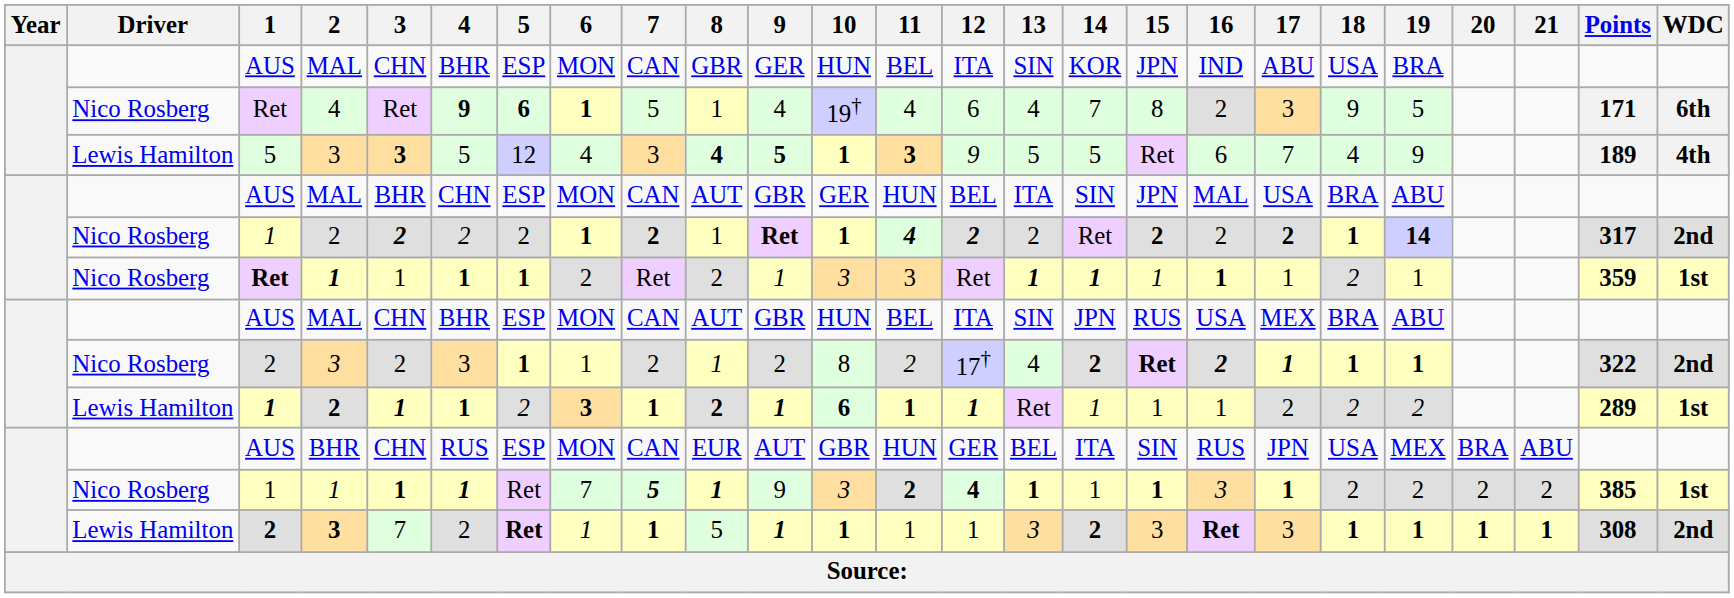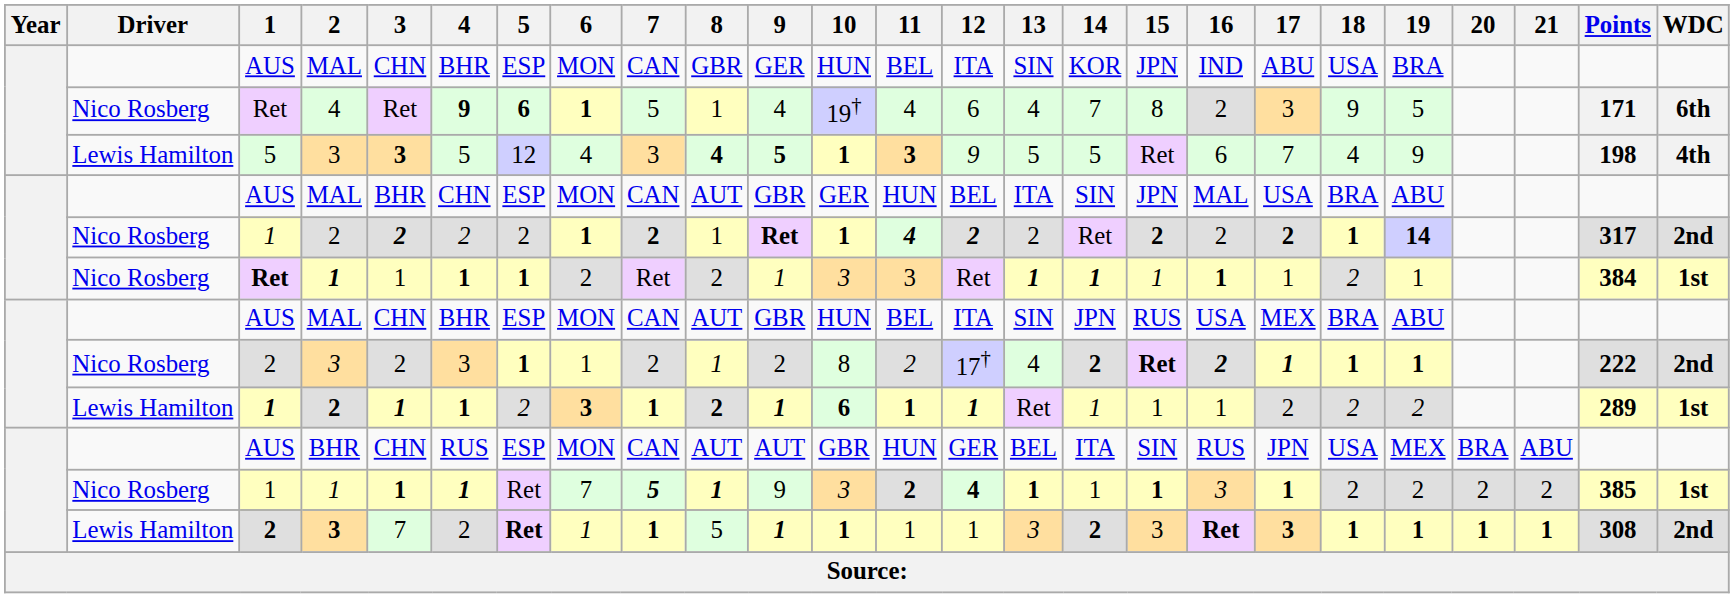 <table class="wikitable" style="text-align:center; font-size:85%">
 <tr>
 <th>Year</th>
 <th>Driver</th>
 <th>1</th>
 <th>2</th>
 <th>3</th>
 <th>4</th>
 <th>5</th>
 <th>6</th>
 <th>7</th>
 <th>8</th>
 <th>9</th>
 <th>10</th>
 <th>11</th>
 <th>12</th>
 <th>13</th>
 <th>14</th>
 <th>15</th>
 <th>16</th>
 <th>17</th>
 <th>18</th>
 <th>19</th>
 <th>20</th>
 <th>21</th>
 <th><a href='#'>Points</a></th>
 <th>WDC</th>
 </tr>
 <tr>
 <th rowspan="3"></th>
 <td></td>
 <td><a href='#'>AUS</a></td>
 <td><a href='#'>MAL</a></td>
 <td><a href='#'>CHN</a></td>
 <td><a href='#'>BHR</a></td>
 <td><a href='#'>ESP</a></td>
 <td><a href='#'>MON</a></td>
 <td><a href='#'>CAN</a></td>
 <td><a href='#'>GBR</a></td>
 <td><a href='#'>GER</a></td>
 <td><a href='#'>HUN</a></td>
 <td><a href='#'>BEL</a></td>
 <td><a href='#'>ITA</a></td>
 <td><a href='#'>SIN</a></td>
 <td><a href='#'>KOR</a></td>
 <td><a href='#'>JPN</a></td>
 <td><a href='#'>IND</a></td>
 <td><a href='#'>ABU</a></td>
 <td><a href='#'>USA</a></td>
 <td><a href='#'>BRA</a></td>
 <td></td>
 <td></td>
 <td></td>
 <td></td>
 </tr>
 <tr>
 <td align="left"> <a href='#'>Nico Rosberg</a></td>
 <td style="background-color:#EFCFFF">Ret</td>
 <td style="background-color:#DFFFDF">4</td>
 <td style="background-color:#EFCFFF">Ret</td>
 <td style="background-color:#DFFFDF"><strong>9</strong></td>
 <td style="background-color:#DFFFDF"><strong>6</strong></td>
 <td style="background-color:#FFFFBF"><strong>1</strong></td>
 <td style="background-color:#DFFFDF">5</td>
 <td style="background-color:#FFFFBF">1</td>
 <td style="background-color:#DFFFDF">4</td>
 <td style="background-color:#CFCFFF">19<sup>†</sup></td>
 <td style="background-color:#DFFFDF">4</td>
 <td style="background-color:#DFFFDF">6</td>
 <td style="background-color:#DFFFDF">4</td>
 <td style="background-color:#DFFFDF">7</td>
 <td style="background-color:#DFFFDF">8</td>
 <td style="background-color:#DFDFDF">2</td>
 <td style="background-color:#FFDF9F">3</td>
 <td style="background-color:#DFFFDF">9</td>
 <td style="background-color:#DFFFDF">5</td>
 <td></td>
 <td></td>
 <th>171</th>
 <th>6th</th>
 </tr>
 <tr>
 <td align="left"> <a href='#'>Lewis Hamilton</a></td>
 <td style="background-color:#DFFFDF">5</td>
 <td style="background-color:#FFDF9F">3</td>
 <td style="background-color:#FFDF9F"><strong>3</strong></td>
 <td style="background-color:#DFFFDF">5</td>
 <td style="background-color:#CFCFFF">12</td>
 <td style="background-color:#DFFFDF">4</td>
 <td style="background-color:#FFDF9F">3</td>
 <td style="background-color:#DFFFDF"><strong>4</strong></td>
 <td style="background-color:#DFFFDF"><strong>5</strong></td>
 <td style="background-color:#FFFFBF"><strong>1</strong></td>
 <td style="background-color:#FFDF9F"><strong>3</strong></td>
 <td style="background-color:#DFFFDF"><em>9</em></td>
 <td style="background-color:#DFFFDF">5</td>
 <td style="background-color:#DFFFDF">5</td>
 <td style="background-color:#EFCFFF">Ret</td>
 <td style="background-color:#DFFFDF">6</td>
 <td style="background-color:#DFFFDF">7</td>
 <td style="background-color:#DFFFDF">4</td>
 <td style="background-color:#DFFFDF">9</td>
 <td></td>
 <td></td>
-<th>189</th>
+<th>198</th>
 <th>4th</th>
 </tr>
 <tr>
 <th rowspan="3"></th>
 <td></td>
 <td><a href='#'>AUS</a></td>
 <td><a href='#'>MAL</a></td>
 <td><a href='#'>BHR</a></td>
 <td><a href='#'>CHN</a></td>
 <td><a href='#'>ESP</a></td>
 <td><a href='#'>MON</a></td>
 <td><a href='#'>CAN</a></td>
 <td><a href='#'>AUT</a></td>
 <td><a href='#'>GBR</a></td>
 <td><a href='#'>GER</a></td>
 <td><a href='#'>HUN</a></td>
 <td><a href='#'>BEL</a></td>
 <td><a href='#'>ITA</a></td>
 <td><a href='#'>SIN</a></td>
 <td><a href='#'>JPN</a></td>
 <td><a href='#'>MAL</a></td>
 <td><a href='#'>USA</a></td>
 <td><a href='#'>BRA</a></td>
 <td><a href='#'>ABU</a></td>
 <td></td>
 <td></td>
 <td></td>
 <td></td>
 </tr>
 <tr>
 <td align="left"> <a href='#'>Nico Rosberg</a></td>
 <td style="background-color:#ffffbf"><em>1</em></td>
 <td style="background-color:#DFDFDF">2</td>
 <td style="background-color:#DFDFDF"><strong><em>2</em></strong></td>
 <td style="background-color:#DFDFDF"><em>2</em></td>
 <td style="background-color:#DFDFDF">2</td>
 <td style="background-color:#ffffbf"><strong>1</strong></td>
 <td style="background-color:#DFDFDF"><strong>2</strong></td>
 <td style="background-color:#ffffbf">1</td>
 <td style="background-color:#EFCFFF"><strong>Ret</strong></td>
 <td style="background-color:#ffffbf"><strong>1</strong></td>
 <td style="background-color:#DFFFDF"><strong><em>4</em></strong></td>
 <td style="background-color:#DFDFDF"><strong><em>2</em></strong></td>
 <td style="background-color:#DFDFDF">2</td>
 <td style="background-color:#EFCFFF">Ret</td>
 <td style="background-color:#DFDFDF"><strong>2</strong></td>
 <td style="background-color:#DFDFDF">2</td>
 <td style="background-color:#DFDFDF"><strong>2</strong></td>
 <td style="background-color:#ffffbf"><strong>1</strong></td>
 <td style="background-color:#CFCFFF"><strong>14</strong></td>
 <td></td>
 <td></td>
 <th style="background-color:#DFDFDF">317</th>
 <th style="background-color:#DFDFDF">2nd</th>
 </tr>
 <tr>
 <td align="left"> <a href='#'>Nico Rosberg</a></td>
 <td style="background-color:#EFCFFF"><strong>Ret</strong></td>
 <td style="background-color:#ffffbf"><strong><em>1</em></strong></td>
 <td style="background-color:#ffffbf">1</td>
 <td style="background-color:#ffffbf"><strong>1</strong></td>
 <td style="background-color:#ffffbf"><strong>1</strong></td>
 <td style="background-color:#DFDFDF">2</td>
 <td style="background-color:#EFCFFF">Ret</td>
 <td style="background-color:#DFDFDF">2</td>
 <td style="background-color:#ffffbf"><em>1</em></td>
 <td style="background-color:#ffdf9f"><em>3</em></td>
 <td style="background-color:#ffdf9f">3</td>
 <td style="background-color:#EFCFFF">Ret</td>
 <td style="background-color:#ffffbf"><strong><em>1</em></strong></td>
 <td style="background-color:#ffffbf"><strong><em>1</em></strong></td>
 <td style="background-color:#ffffbf"><em>1</em></td>
 <td style="background-color:#ffffbf"><strong>1</strong></td>
 <td style="background-color:#ffffbf">1</td>
 <td style="background-color:#DFDFDF"><em>2</em></td>
 <td style="background-color:#ffffbf">1</td>
 <td></td>
 <td></td>
-<th style="background:#ffffbf;">359</th>
+<th style="background:#ffffbf;">384</th>
 <th style="background:#ffffbf;">1st</th>
 </tr>
 <tr>
 <th rowspan="3"></th>
 <td></td>
 <td><a href='#'>AUS</a></td>
 <td><a href='#'>MAL</a></td>
 <td><a href='#'>CHN</a></td>
 <td><a href='#'>BHR</a></td>
 <td><a href='#'>ESP</a></td>
 <td><a href='#'>MON</a></td>
 <td><a href='#'>CAN</a></td>
 <td><a href='#'>AUT</a></td>
 <td><a href='#'>GBR</a></td>
 <td><a href='#'>HUN</a></td>
 <td><a href='#'>BEL</a></td>
 <td><a href='#'>ITA</a></td>
 <td><a href='#'>SIN</a></td>
 <td><a href='#'>JPN</a></td>
 <td><a href='#'>RUS</a></td>
 <td><a href='#'>USA</a></td>
 <td><a href='#'>MEX</a></td>
 <td><a href='#'>BRA</a></td>
 <td><a href='#'>ABU</a></td>
 <td></td>
 <td></td>
 <td></td>
 <td></td>
 </tr>
 <tr>
 <td align="left"> <a href='#'>Nico Rosberg</a></td>
 <td style="background-color:#DFDFDF">2</td>
 <td style="background-color:#ffdf9f"><em>3</em></td>
 <td style="background-color:#DFDFDF">2</td>
 <td style="background-color:#ffdf9f">3</td>
 <td style="background-color:#ffffbf"><strong>1</strong></td>
 <td style="background-color:#ffffbf">1</td>
 <td style="background-color:#DFDFDF">2</td>
 <td style="background-color:#ffffbf"><em>1</em></td>
 <td style="background-color:#DFDFDF">2</td>
 <td style="background-color:#DFFFDF">8</td>
 <td style="background-color:#DFDFDF"><em>2</em></td>
 <td style="background-color:#CFCFFF">17<sup>†</sup></td>
 <td style="background-color:#DFFFDF">4</td>
 <td style="background-color:#DFDFDF"><strong>2</strong></td>
 <td style="background-color:#EFCFFF"><strong>Ret</strong></td>
 <td style="background-color:#DFDFDF"><strong><em>2</em></strong></td>
 <td style="background-color:#ffffbf"><strong><em>1</em></strong></td>
 <td style="background-color:#ffffbf"><strong>1</strong></td>
 <td style="background-color:#ffffbf"><strong>1</strong></td>
 <td></td>
 <td></td>
-<th style="background-color:#DFDFDF">322</th>
+<th style="background-color:#DFDFDF">222</th>
 <th style="background-color:#DFDFDF">2nd</th>
 </tr>
 <tr>
 <td align="left"> <a href='#'>Lewis Hamilton</a></td>
 <td style="background-color:#ffffbf"><strong><em>1</em></strong></td>
 <td style="background-color:#DFDFDF"><strong>2</strong></td>
 <td style="background-color:#ffffbf"><strong><em>1</em></strong></td>
 <td style="background-color:#ffffbf"><strong>1</strong></td>
 <td style="background-color:#DFDFDF"><em>2</em></td>
 <td style="background-color:#FFDF9F"><strong>3</strong></td>
 <td style="background-color:#ffffbf"><strong>1</strong></td>
 <td style="background-color:#DFDFDF"><strong>2</strong></td>
 <td style="background-color:#ffffbf"><strong><em>1</em></strong></td>
 <td style="background-color:#DFFFDF"><strong>6</strong></td>
 <td style="background-color:#ffffbf"><strong>1</strong></td>
 <td style="background-color:#ffffbf"><strong><em>1</em></strong></td>
 <td style="background-color:#EFCFFF">Ret</td>
 <td style="background-color:#ffffbf"><em>1</em></td>
 <td style="background-color:#ffffbf">1</td>
 <td style="background-color:#ffffbf">1</td>
 <td style="background-color:#DFDFDF">2</td>
 <td style="background-color:#DFDFDF"><em>2</em></td>
 <td style="background-color:#DFDFDF"><em>2</em></td>
 <td></td>
 <td></td>
 <th style="background:#ffffbf;">289</th>
 <th style="background:#ffffbf;">1st</th>
 </tr>
 <tr>
 <th rowspan="3"></th>
 <td></td>
 <td><a href='#'>AUS</a></td>
 <td><a href='#'>BHR</a></td>
 <td><a href='#'>CHN</a></td>
 <td><a href='#'>RUS</a></td>
 <td><a href='#'>ESP</a></td>
 <td><a href='#'>MON</a></td>
 <td><a href='#'>CAN</a></td>
-<td><a href='#'>EUR</a></td>
+<td><a href='#'>AUT</a></td>
 <td><a href='#'>AUT</a></td>
 <td><a href='#'>GBR</a></td>
 <td><a href='#'>HUN</a></td>
 <td><a href='#'>GER</a></td>
 <td><a href='#'>BEL</a></td>
 <td><a href='#'>ITA</a></td>
 <td><a href='#'>SIN</a></td>
 <td><a href='#'>RUS</a></td>
 <td><a href='#'>JPN</a></td>
 <td><a href='#'>USA</a></td>
 <td><a href='#'>MEX</a></td>
 <td><a href='#'>BRA</a></td>
 <td><a href='#'>ABU</a></td>
 <td></td>
 <td></td>
 </tr>
 <tr>
 <td align="left"> <a href='#'>Nico Rosberg</a></td>
 <td style="background-color:#ffffbf">1</td>
 <td style="background-color:#ffffbf"><em>1</em></td>
 <td style="background-color:#ffffbf"><strong>1</strong></td>
 <td style="background-color:#ffffbf"><strong><em>1</em></strong></td>
 <td style="background-color:#efcfff">Ret</td>
 <td style="background-color:#DFFFDF">7</td>
 <td style="background-color:#DFFFDF"><strong><em>5</em></strong></td>
 <td style="background-color:#ffffbf"><strong><em>1</em></strong></td>
 <td style="background-color:#DFFFDF">9</td>
 <td style="background-color:#FFDF9F"><em>3</em></td>
 <td style="background-color:#DFDFDF"><strong>2</strong></td>
 <td style="background-color:#DFFFDF"><strong>4</strong></td>
 <td style="background-color:#ffffbf"><strong>1</strong></td>
 <td style="background-color:#ffffbf">1</td>
 <td style="background-color:#ffffbf"><strong>1</strong></td>
 <td style="background-color:#FFDF9F"><em>3</em></td>
 <td style="background-color:#ffffbf"><strong>1</strong></td>
 <td style="background-color:#DFDFDF">2</td>
 <td style="background-color:#DFDFDF">2</td>
 <td style="background-color:#DFDFDF">2</td>
 <td style="background-color:#DFDFDF">2</td>
 <th style="background:#FFFFBF;">385</th>
 <th style="background:#FFFFBF;">1st</th>
 </tr>
 <tr>
 <td align="left"> <a href='#'>Lewis Hamilton</a></td>
 <td style="background-color:#DFDFDF"><strong>2</strong></td>
 <td style="background-color:#FFDF9F"><strong>3</strong></td>
 <td style="background-color:#DFFFDF">7</td>
 <td style="background-color:#DFDFDF">2</td>
 <td style="background-color:#EFCFFF"><strong>Ret</strong></td>
 <td style="background-color:#ffffbf"><em>1</em></td>
 <td style="background-color:#ffffbf"><strong>1</strong></td>
 <td style="background-color:#DFFFDF">5</td>
 <td style="background-color:#ffffbf"><strong><em>1</em></strong></td>
 <td style="background-color:#ffffbf"><strong>1</strong></td>
 <td style="background-color:#ffffbf">1</td>
 <td style="background-color:#ffffbf">1</td>
 <td style="background-color:#FFDF9F"><em>3</em></td>
 <td style="background-color:#DFDFDF"><strong>2</strong></td>
 <td style="background-color:#FFDF9F">3</td>
 <td style="background-color:#EFCFFF"><strong>Ret</strong></td>
-<td style="background-color:#FFDF9F">3</td>
+<td style="background-color:#FFDF9F"><strong>3</strong></td>
 <td style="background-color:#ffffbf"><strong>1</strong></td>
 <td style="background-color:#ffffbf"><strong>1</strong></td>
 <td style="background-color:#ffffbf"><strong>1</strong></td>
 <td style="background-color:#ffffbf"><strong>1</strong></td>
 <th style="background:#dfdfdf;">308</th>
 <th style="background:#dfdfdf;">2nd</th>
 </tr>
 <tr>
 <th colspan="28">Source:</th>
 </tr>
 </table>
